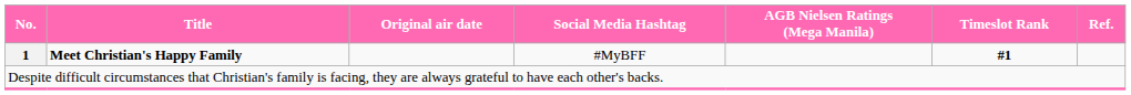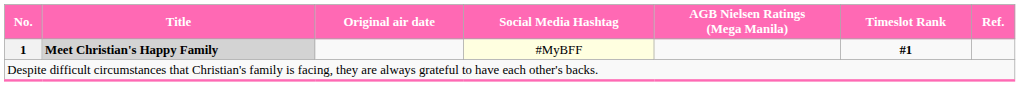 <table class="wikitable" style="text-align:center; font-size:100%; line-height:18px;" width="100%">
 <tr>
 <th style="background:#FF69B4; color:#ffffff">No.</th>
 <th style="background:#FF69B4; color:#ffffff">Title</th>
 <th style="background:#FF69B4; color:#ffffff">Original air date</th>
 <th style="background:#FF69B4; color:#ffffff">Social Media Hashtag</th>
 <th style="background:#FF69B4; color:#ffffff">AGB Nielsen Ratings<br>(Mega Manila)</th>
 <th style="background:#FF69B4; color:#ffffff">Timeslot Rank</th>
 <th style="background:#FF69B4; color:#ffffff">Ref.</th>
 </tr>
 <tr>
 <th>1</th>
-<td align="left"><strong>Meet Christian's Happy Family</strong></td>
+<td align="left" style="background: lightgrey;"><strong>Meet Christian's Happy Family</strong></td>
 <td></td>
-<td>#MyBFF</td>
+<td style="background: lightyellow;">#MyBFF</td>
 <td></td>
 <td><strong>#1</strong></td>
 <td></td>
 </tr>
 <tr>
 <td colspan = "7" style="text-align: left; border-bottom: 3px solid #FF69B4;">Despite difficult circumstances that Christian's family is facing, they are always grateful to have each other's backs.</td>
 </tr>
 </table>
